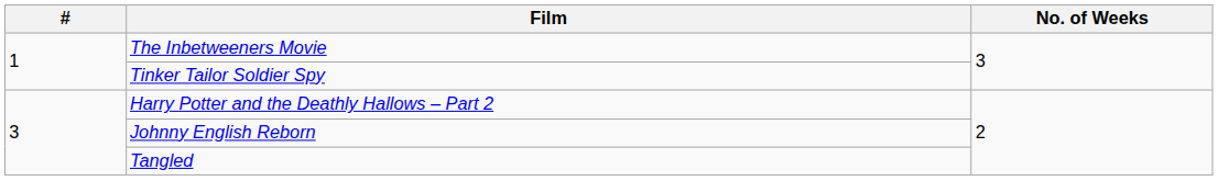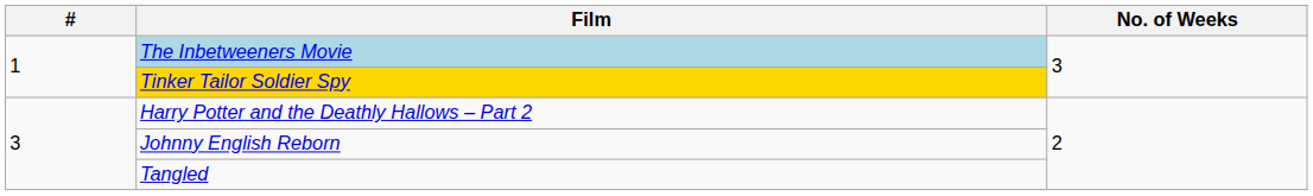 <table class="wikitable sortable">
 <tr>
 <th width="5%">#</th>
 <th width="35%">Film</th>
 <th width="10%">No. of Weeks</th>
 </tr>
 <tr>
 <td rowspan="2">1</td>
-<td><em><a href='#'>The Inbetweeners Movie</a></em></td>
+<td style="background: lightblue;"><em><a href='#'>The Inbetweeners Movie</a></em></td>
 <td rowspan="2">3</td>
 </tr>
 <tr>
-<td><em><a href='#'>Tinker Tailor Soldier Spy</a></em></td>
+<td style="background: gold;"><em><a href='#'>Tinker Tailor Soldier Spy</a></em></td>
 </tr>
 <tr>
 <td rowspan="3">3</td>
 <td><em><a href='#'>Harry Potter and the Deathly Hallows – Part 2</a></em></td>
 <td rowspan="3">2</td>
 </tr>
 <tr>
 <td><em><a href='#'>Johnny English Reborn</a></em></td>
 </tr>
 <tr>
 <td><em><a href='#'>Tangled</a></em></td>
 </tr>
 </table>
